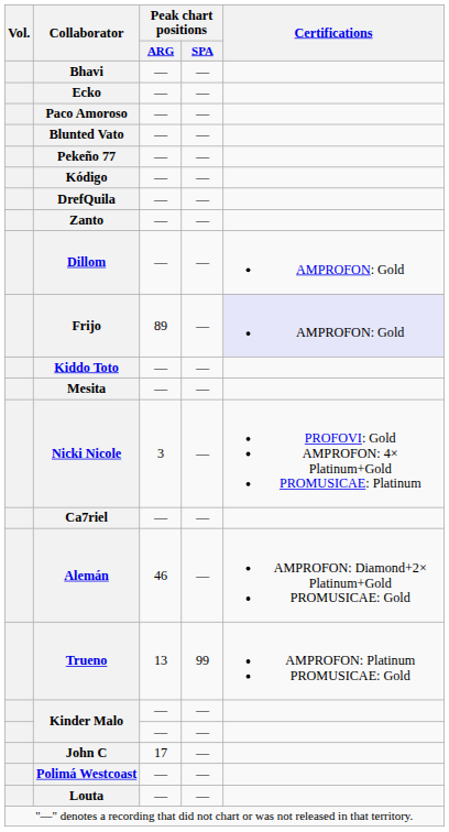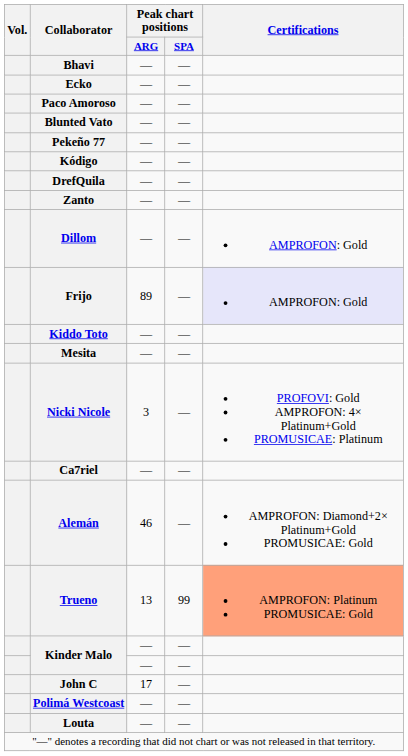 <table class="wikitable plainrowheaders" style="text-align:center;">
 <tr>
 <th scope="col" rowspan="2">Vol.</th>
 <th scope="col" rowspan="2">Collaborator</th>
 <th scope="col" colspan="2">Peak chart positions</th>
 <th scope="col" rowspan="2" style="width:16em;"><a href='#'>Certifications</a></th>
 </tr>
 <tr>
 <th scope="col" style="width:3em;font-size:90%;"><a href='#'>ARG</a><br></th>
 <th scope="col" style="width:3em;font-size:90%;"><a href='#'>SPA</a><br></th>
 </tr>
 <tr>
 <th scope="row"></th>
 <th scope="row">Bhavi</th>
 <td>—</td>
 <td>—</td>
 <td></td>
 </tr>
 <tr>
 <th scope="row"></th>
 <th scope="row">Ecko</th>
 <td>—</td>
 <td>—</td>
 <td></td>
 </tr>
 <tr>
 <th scope="row"></th>
 <th scope="row">Paco Amoroso</th>
 <td>—</td>
 <td>—</td>
 <td></td>
 </tr>
 <tr>
 <th scope="row"></th>
 <th scope="row">Blunted Vato</th>
 <td>—</td>
 <td>—</td>
 <td></td>
 </tr>
 <tr>
 <th scope="row"></th>
 <th scope="row">Pekeño 77</th>
 <td>—</td>
 <td>—</td>
 <td></td>
 </tr>
 <tr>
 <th scope="row"></th>
 <th scope="row">Kódigo</th>
 <td>—</td>
 <td>—</td>
 <td></td>
 </tr>
 <tr>
 <th scope="row"></th>
 <th scope="row">DrefQuila</th>
 <td>—</td>
 <td>—</td>
 <td></td>
 </tr>
 <tr>
 <th scope="row"></th>
 <th scope="row">Zanto</th>
 <td>—</td>
 <td>—</td>
 <td></td>
 </tr>
 <tr>
 <th scope="row"></th>
 <th scope="row"><a href='#'>Dillom</a></th>
 <td>—</td>
 <td>—</td>
 <td><br><ul><li><a href='#'>AMPROFON</a>: Gold</li></ul></td>
 </tr>
 <tr>
 <th scope="row"></th>
 <th scope="row">Frijo</th>
 <td>89</td>
 <td>—</td>
 <td style="background: lavender;"><br><ul><li>AMPROFON: Gold</li></ul></td>
 </tr>
 <tr>
 <th scope="row"></th>
 <th scope="row"><a href='#'>Kiddo Toto</a></th>
 <td>—</td>
 <td>—</td>
 <td></td>
 </tr>
 <tr>
 <th scope="row"></th>
 <th scope="row">Mesita</th>
 <td>—</td>
 <td>—</td>
 <td></td>
 </tr>
 <tr>
 <th scope="row"></th>
 <th scope="row"><a href='#'>Nicki Nicole</a></th>
 <td>3</td>
 <td>—</td>
 <td><br><ul><li><a href='#'>PROFOVI</a>: Gold</li><li>AMPROFON: 4× Platinum+Gold</li><li><a href='#'>PROMUSICAE</a>: Platinum</li></ul></td>
 </tr>
 <tr>
 <th scope="row"></th>
 <th scope="row">Ca7riel</th>
 <td>—</td>
 <td>—</td>
 <td></td>
 </tr>
 <tr>
 <th scope="row"></th>
 <th scope="row"><a href='#'>Alemán</a></th>
 <td>46</td>
 <td>—</td>
 <td><br><ul><li>AMPROFON: Diamond+2× Platinum+Gold</li><li>PROMUSICAE: Gold</li></ul></td>
 </tr>
 <tr>
 <th scope="row"></th>
 <th scope="row"><a href='#'>Trueno</a></th>
 <td>13</td>
 <td>99</td>
-<td><br><ul><li>AMPROFON: Platinum</li><li>PROMUSICAE: Gold</li></ul></td>
+<td style="background: lightsalmon;"><br><ul><li>AMPROFON: Platinum</li><li>PROMUSICAE: Gold</li></ul></td>
 </tr>
 <tr>
 <th scope="row"></th>
 <th scope="row" rowspan="2">Kinder Malo</th>
 <td>—</td>
 <td>—</td>
 <td></td>
 </tr>
 <tr>
 <th scope="row"></th>
 <td>—</td>
 <td>—</td>
 <td></td>
 </tr>
 <tr>
 <th scope="row"></th>
 <th scope="row">John C</th>
 <td>17</td>
 <td>—</td>
 <td></td>
 </tr>
 <tr>
 <th scope="row"></th>
 <th scope="row"><a href='#'>Polimá Westcoast</a></th>
 <td>—</td>
 <td>—</td>
 <td></td>
 </tr>
 <tr>
 <th scope="row"></th>
 <th scope="row">Louta</th>
 <td>—</td>
 <td>—</td>
 <td></td>
 </tr>
 <tr>
 <td colspan="14" style="font-size:90%">"—" denotes a recording that did not chart or was not released in that territory.</td>
 </tr>
 </table>
